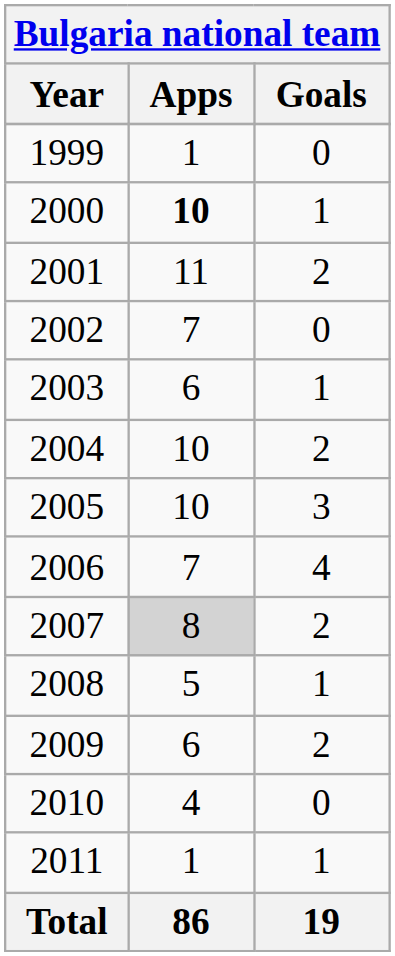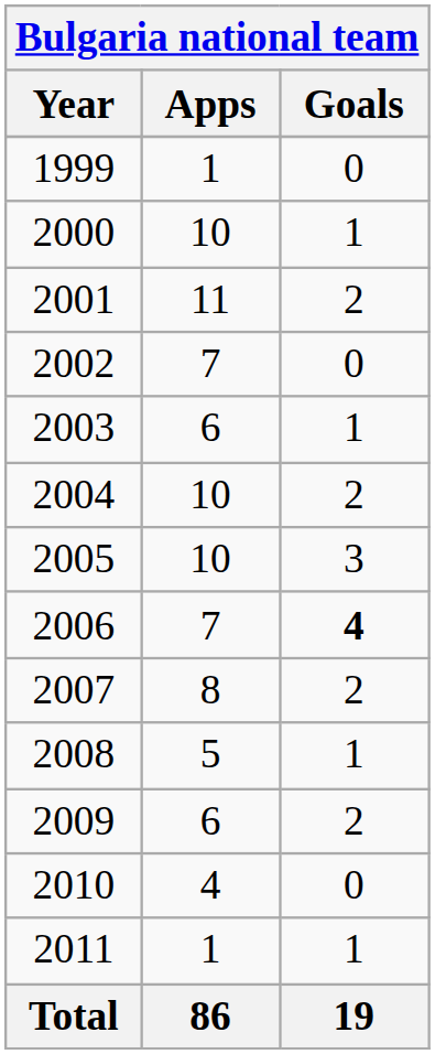 <table class="wikitable" style="text-align:center">
 <tr>
 <th colspan=3><a href='#'>Bulgaria national team</a></th>
 </tr>
 <tr>
 <th>Year</th>
 <th>Apps</th>
 <th>Goals</th>
 </tr>
 <tr>
 </tr>
 <tr>
 <td>1999</td>
 <td>1</td>
 <td>0</td>
 </tr>
 <tr>
 <td>2000</td>
-<td><strong>10</strong></td>
+<td>10</td>
 <td>1</td>
 </tr>
 <tr>
 <td>2001</td>
 <td>11</td>
 <td>2</td>
 </tr>
 <tr>
 <td>2002</td>
 <td>7</td>
 <td>0</td>
 </tr>
 <tr>
 <td>2003</td>
 <td>6</td>
 <td>1</td>
 </tr>
 <tr>
 <td>2004</td>
 <td>10</td>
 <td>2</td>
 </tr>
 <tr>
 <td>2005</td>
 <td>10</td>
 <td>3</td>
 </tr>
 <tr>
 <td>2006</td>
 <td>7</td>
-<td>4</td>
+<td><strong>4</strong></td>
 </tr>
 <tr>
 <td>2007</td>
-<td style="background: lightgrey;">8</td>
+<td>8</td>
 <td>2</td>
 </tr>
 <tr>
 <td>2008</td>
 <td>5</td>
 <td>1</td>
 </tr>
 <tr>
 <td>2009</td>
 <td>6</td>
 <td>2</td>
 </tr>
 <tr>
 <td>2010</td>
 <td>4</td>
 <td>0</td>
 </tr>
 <tr>
 <td>2011</td>
 <td>1</td>
 <td>1</td>
 </tr>
 <tr>
 <th>Total</th>
 <th>86</th>
 <th>19</th>
 </tr>
 </table>
